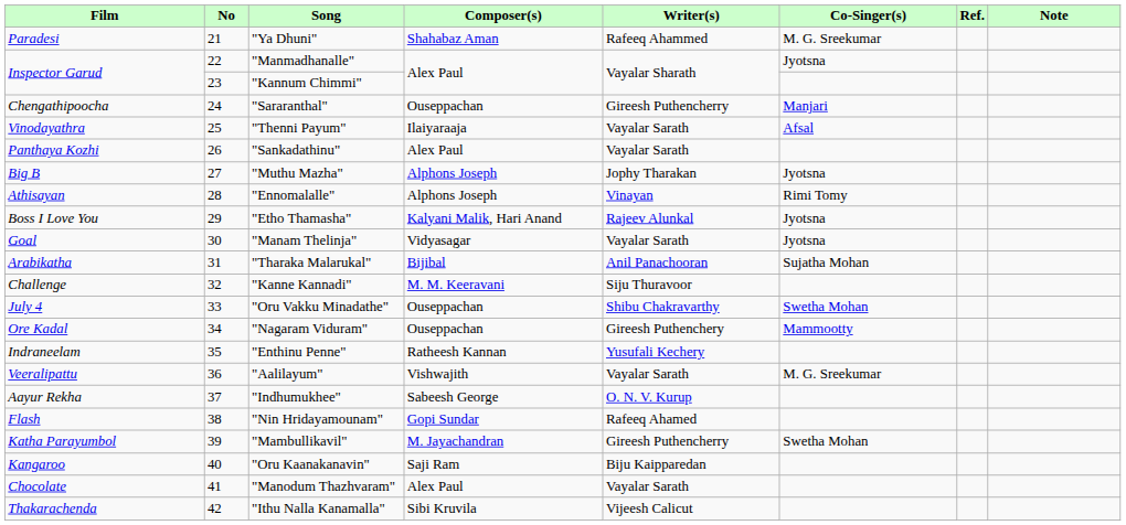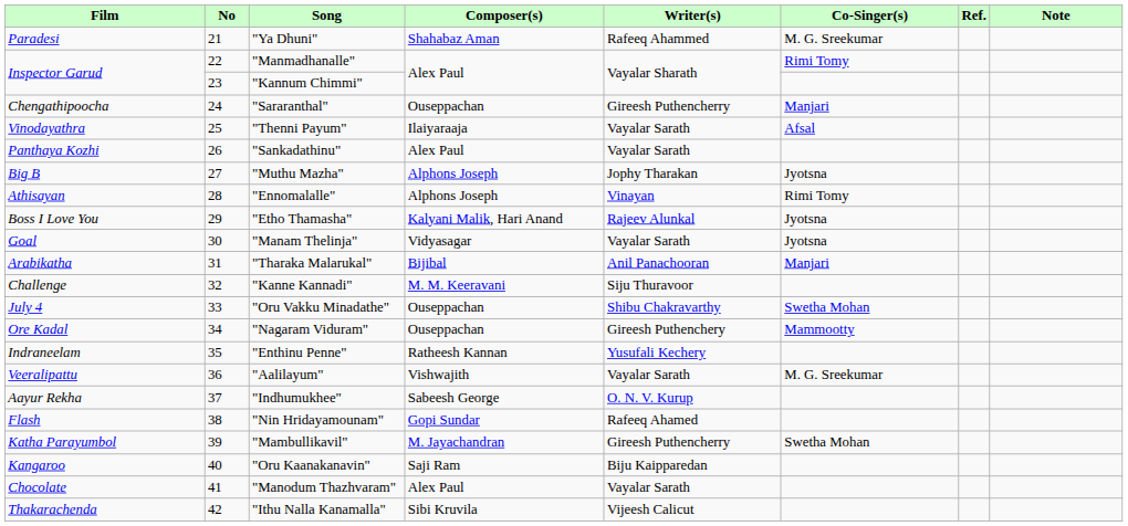 <table class="wikitable plainrowheaders" style="width:100%;" textcolor:#000;" style="align:center;">
 <tr style="background:#cfc; text-align:center;">
 <td scope="col" style="width:18%;"><strong>Film</strong></td>
 <td scope="col" style="width:4%;"><strong>No</strong></td>
 <td scope="col" style="width:14%;"><strong>Song</strong></td>
 <td scope="col" style="width:18%;"><strong>Composer(s)</strong></td>
 <td scope="col" style="width:16%;"><strong>Writer(s)</strong></td>
 <td scope="col" style="width:16%;"><strong>Co-Singer(s)</strong></td>
 <td scope="col" style="width:2%;"><strong>Ref.</strong></td>
 <td scope="col" style="width:12%;"><strong>Note</strong></td>
 </tr>
 <tr>
 <td><a href='#'><em>Paradesi</em></a></td>
 <td>21</td>
 <td>"Ya Dhuni"</td>
 <td><a href='#'>Shahabaz Aman</a></td>
 <td>Rafeeq Ahammed</td>
 <td>M. G. Sreekumar</td>
 <td></td>
 <td></td>
 </tr>
 <tr>
 <td rowspan="2"><a href='#'><em>Inspector Garud</em></a></td>
 <td>22</td>
 <td>"Manmadhanalle"</td>
 <td rowspan="2">Alex Paul</td>
 <td rowspan="2">Vayalar Sharath</td>
-<td>Jyotsna</td>
+<td><a href='#'>Rimi Tomy</a></td>
 <td></td>
 <td></td>
 </tr>
 <tr>
 <td>23</td>
 <td>"Kannum Chimmi"</td>
 <td></td>
 <td></td>
 <td></td>
 </tr>
 <tr>
 <td><em>Chengathipoocha</em></td>
 <td>24</td>
 <td>"Sararanthal"</td>
 <td>Ouseppachan</td>
 <td>Gireesh Puthencherry</td>
 <td><a href='#'>Manjari</a></td>
 <td></td>
 <td></td>
 </tr>
 <tr>
 <td><em><a href='#'>Vinodayathra</a></em></td>
 <td>25</td>
 <td>"Thenni Payum"</td>
 <td>Ilaiyaraaja</td>
 <td>Vayalar Sarath</td>
 <td><a href='#'>Afsal</a></td>
 <td></td>
 <td></td>
 </tr>
 <tr>
 <td><em><a href='#'>Panthaya Kozhi</a></em></td>
 <td>26</td>
 <td>"Sankadathinu"</td>
 <td>Alex Paul</td>
 <td>Vayalar Sarath</td>
 <td></td>
 <td></td>
 <td></td>
 </tr>
 <tr>
 <td><a href='#'><em>Big B</em></a></td>
 <td>27</td>
 <td>"Muthu Mazha"</td>
 <td><a href='#'>Alphons Joseph</a></td>
 <td>Jophy Tharakan</td>
 <td>Jyotsna</td>
 <td></td>
 <td></td>
 </tr>
 <tr>
 <td><em><a href='#'>Athisayan</a></em></td>
 <td>28</td>
 <td>"Ennomalalle"</td>
 <td>Alphons Joseph</td>
 <td><a href='#'>Vinayan</a></td>
 <td>Rimi Tomy</td>
 <td></td>
 <td></td>
 </tr>
 <tr>
 <td><em>Boss I Love You</em></td>
 <td>29</td>
 <td>"Etho Thamasha"</td>
 <td><a href='#'>Kalyani Malik</a>, Hari Anand</td>
 <td><a href='#'>Rajeev Alunkal</a></td>
 <td>Jyotsna</td>
 <td></td>
 <td></td>
 </tr>
 <tr>
 <td><em><a href='#'>Goal</a></em></td>
 <td>30</td>
 <td>"Manam Thelinja"</td>
 <td>Vidyasagar</td>
 <td>Vayalar Sarath</td>
 <td>Jyotsna</td>
 <td></td>
 <td></td>
 </tr>
 <tr>
 <td><em><a href='#'>Arabikatha</a></em></td>
 <td>31</td>
 <td>"Tharaka Malarukal"</td>
 <td><a href='#'>Bijibal</a></td>
 <td><a href='#'>Anil Panachooran</a></td>
-<td>Sujatha Mohan</td>
+<td><a href='#'>Manjari</a></td>
 <td></td>
 <td></td>
 </tr>
 <tr>
 <td><em>Challenge</em></td>
 <td>32</td>
 <td>"Kanne Kannadi"</td>
 <td><a href='#'>M. M. Keeravani</a></td>
 <td>Siju Thuravoor</td>
 <td></td>
 <td></td>
 <td></td>
 </tr>
 <tr>
 <td><a href='#'><em>July 4</em></a></td>
 <td>33</td>
 <td>"Oru Vakku Minadathe"</td>
 <td>Ouseppachan</td>
 <td><a href='#'>Shibu Chakravarthy</a></td>
 <td><a href='#'>Swetha Mohan</a></td>
 <td></td>
 <td></td>
 </tr>
 <tr>
 <td><em><a href='#'>Ore Kadal</a></em></td>
 <td>34</td>
 <td>"Nagaram Viduram"</td>
 <td>Ouseppachan</td>
 <td>Gireesh Puthenchery</td>
 <td><a href='#'>Mammootty</a></td>
 <td></td>
 <td></td>
 </tr>
 <tr>
 <td><em>Indraneelam</em></td>
 <td>35</td>
 <td>"Enthinu Penne"</td>
 <td>Ratheesh Kannan</td>
 <td><a href='#'>Yusufali Kechery</a></td>
 <td></td>
 <td></td>
 </tr>
 <tr>
 <td><a href='#'><em>Veeralipattu</em></a></td>
 <td>36</td>
 <td>"Aalilayum"</td>
 <td>Vishwajith</td>
 <td>Vayalar Sarath</td>
 <td>M. G. Sreekumar</td>
 <td></td>
 <td></td>
 </tr>
 <tr>
 <td><em>Aayur Rekha</em></td>
 <td>37</td>
 <td>"Indhumukhee"</td>
 <td>Sabeesh George</td>
 <td><a href='#'>O. N. V. Kurup</a></td>
 <td></td>
 <td></td>
 <td></td>
 </tr>
 <tr>
 <td><a href='#'><em>Flash</em></a></td>
 <td>38</td>
 <td>"Nin Hridayamounam"</td>
 <td><a href='#'>Gopi Sundar</a></td>
 <td>Rafeeq Ahamed</td>
 <td></td>
 <td></td>
 <td></td>
 </tr>
 <tr>
 <td><a href='#'><em>Katha Parayumbol</em></a></td>
 <td>39</td>
 <td>"Mambullikavil"</td>
 <td><a href='#'>M. Jayachandran</a></td>
 <td>Gireesh Puthencherry</td>
 <td>Swetha Mohan</td>
 <td></td>
 <td></td>
 </tr>
 <tr>
 <td><a href='#'><em>Kangaroo</em></a></td>
 <td>40</td>
 <td>"Oru Kaanakanavin"</td>
 <td>Saji Ram</td>
 <td>Biju Kaipparedan</td>
 <td></td>
 <td></td>
 <td></td>
 </tr>
 <tr>
 <td><em><a href='#'>Chocolate</a></em></td>
 <td>41</td>
 <td>"Manodum Thazhvaram"</td>
 <td>Alex Paul</td>
 <td>Vayalar Sarath</td>
 <td></td>
 <td></td>
 <td></td>
 </tr>
 <tr>
 <td><em><a href='#'>Thakarachenda</a></em></td>
 <td>42</td>
 <td>"Ithu Nalla Kanamalla"</td>
 <td>Sibi Kruvila</td>
 <td>Vijeesh Calicut</td>
 <td></td>
 <td></td>
 <td></td>
 </tr>
 </table>
